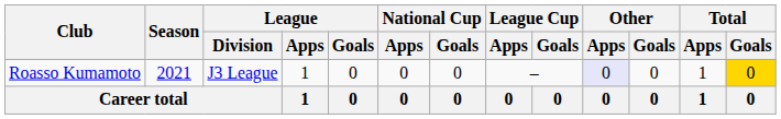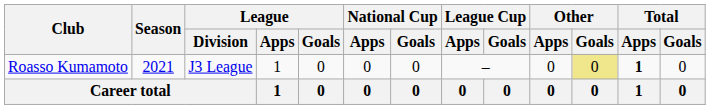 <table class="wikitable" style="text-align: center">
 <tr>
 <th rowspan="2">Club</th>
 <th rowspan="2">Season</th>
 <th colspan="3">League</th>
 <th colspan="2">National Cup</th>
 <th colspan="2">League Cup</th>
 <th colspan="2">Other</th>
 <th colspan="2">Total</th>
 </tr>
 <tr>
 <th>Division</th>
 <th>Apps</th>
 <th>Goals</th>
 <th>Apps</th>
 <th>Goals</th>
 <th>Apps</th>
 <th>Goals</th>
 <th>Apps</th>
 <th>Goals</th>
 <th>Apps</th>
 <th>Goals</th>
 </tr>
 <tr>
 <td><a href='#'>Roasso Kumamoto</a></td>
 <td><a href='#'>2021</a></td>
 <td><a href='#'>J3 League</a></td>
 <td>1</td>
 <td>0</td>
 <td>0</td>
 <td>0</td>
 <td colspan="2">–</td>
-<td style="background: lavender;">0</td>
 <td>0</td>
-<td>1</td>
-<td style="background: gold;">0</td>
+<td style="background: khaki;">0</td>
+<td><strong>1</strong></td>
+<td>0</td>
 </tr>
 <tr>
 <th colspan=3>Career total</th>
 <th>1</th>
 <th>0</th>
 <th>0</th>
 <th>0</th>
 <th>0</th>
 <th>0</th>
 <th>0</th>
 <th>0</th>
 <th>1</th>
 <th>0</th>
 </tr>
 </table>
